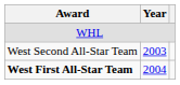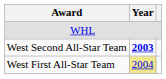 <table class="wikitable">
 <tr>
 <th>Award</th>
 <th>Year</th>
 <th></th>
 </tr>
 <tr ALIGN="center" bgcolor="#e0e0e0">
 <td colspan="3"><a href='#'>WHL</a></td>
 </tr>
 <tr>
 <td>West Second All-Star Team</td>
-<td><a href='#'>2003</a></td>
+<td><strong><a href='#'>2003</a></strong></td>
 <td></td>
 </tr>
 <tr>
-<td><strong>West First All-Star Team</strong></td>
-<td><a href='#'>2004</a></td>
+<td>West First All-Star Team</td>
+<td style="background: khaki;"><a href='#'>2004</a></td>
 <td></td>
 </tr>
 </table>
